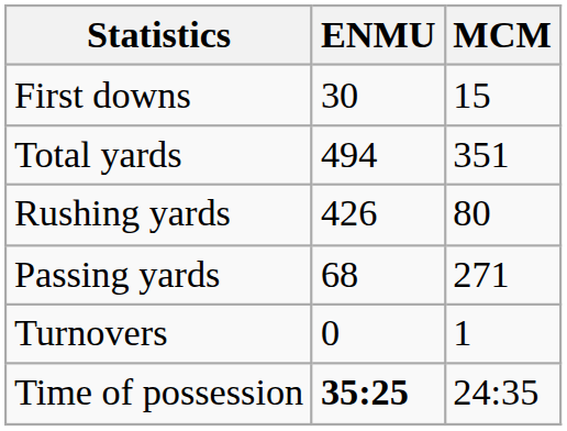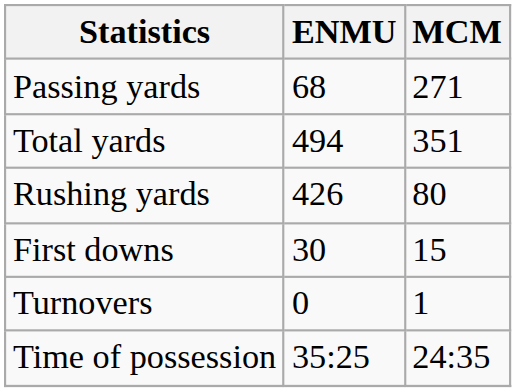 <table class="wikitable">
 <tr>
 <th>Statistics</th>
 <th>ENMU</th>
 <th>MCM</th>
 </tr>
 <tr>
-<td>First downs</td>
-<td>30</td>
-<td>15</td>
+<td>Passing yards</td>
+<td>68</td>
+<td>271</td>
 </tr>
 <tr>
 <td>Total yards</td>
 <td>494</td>
 <td>351</td>
 </tr>
 <tr>
 <td>Rushing yards</td>
 <td>426</td>
 <td>80</td>
 </tr>
 <tr>
-<td>Passing yards</td>
-<td>68</td>
-<td>271</td>
+<td>First downs</td>
+<td>30</td>
+<td>15</td>
 </tr>
 <tr>
 <td>Turnovers</td>
 <td>0</td>
 <td>1</td>
 </tr>
 <tr>
 <td>Time of possession</td>
-<td><strong>35:25</strong></td>
+<td>35:25</td>
 <td>24:35</td>
 </tr>
 <tr>
 </tr>
 </table>
